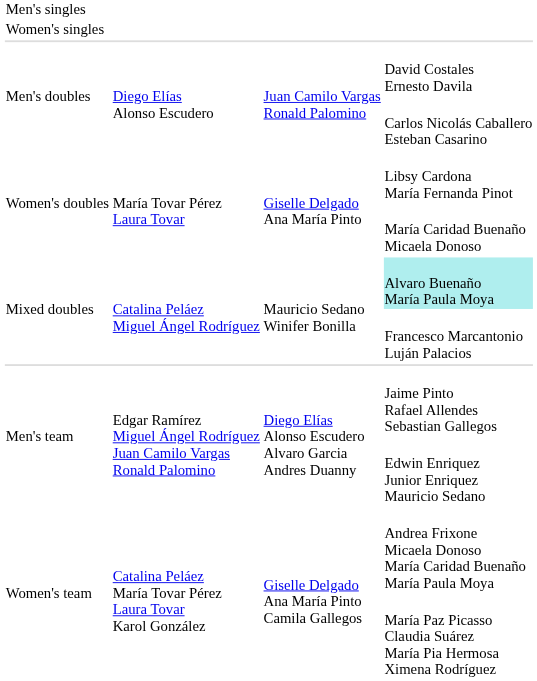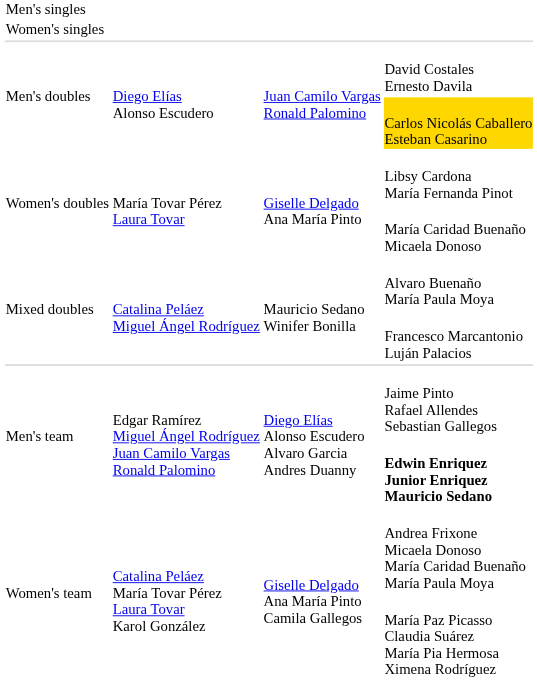 <table>
 <tr>
 <td rowspan=2>Men's singles</td>
 <td rowspan=2 nowrap></td>
 <td rowspan=2></td>
 <td></td>
 </tr>
 <tr>
 <td></td>
 </tr>
 <tr>
 <td rowspan=2>Women's singles</td>
 <td rowspan=2></td>
 <td rowspan=2></td>
 <td></td>
 </tr>
 <tr>
 <td></td>
 </tr>
 <tr bgcolor="#dddddd">
 <td colspan=4></td>
 </tr>
 <tr>
 <td rowspan=2>Men's doubles</td>
 <td rowspan=2> <br><a href='#'>Diego Elías</a><br>Alonso Escudero</td>
 <td rowspan=2 nowrap> <br><a href='#'>Juan Camilo Vargas</a><br><a href='#'>Ronald Palomino</a></td>
 <td><br>David Costales<br>Ernesto Davila</td>
 </tr>
 <tr>
-<td nowrap> <br>Carlos Nicolás Caballero<br>Esteban Casarino</td>
+<td nowrap style="background: gold;"> <br>Carlos Nicolás Caballero<br>Esteban Casarino</td>
 </tr>
 <tr>
 <td rowspan=2>Women's doubles</td>
 <td rowspan=2> <br>María Tovar Pérez<br><a href='#'>Laura Tovar</a></td>
 <td rowspan=2><br><a href='#'>Giselle Delgado</a><br>Ana María Pinto</td>
 <td><br>Libsy Cardona<br>María Fernanda Pinot</td>
 </tr>
 <tr>
 <td> <br>María Caridad Buenaño<br>Micaela Donoso</td>
 </tr>
 <tr>
 <td rowspan=2>Mixed doubles</td>
 <td rowspan=2><br><a href='#'>Catalina Peláez</a><br><a href='#'>Miguel Ángel Rodríguez</a></td>
 <td rowspan=2><br>Mauricio Sedano<br>Winifer Bonilla</td>
-<td style="background: paleturquoise;"><br>Alvaro Buenaño<br>María Paula Moya</td>
+<td><br>Alvaro Buenaño<br>María Paula Moya</td>
 </tr>
 <tr>
 <td><br>Francesco Marcantonio<br>Luján Palacios</td>
 </tr>
 <tr bgcolor="#dddddd">
 <td colspan=4></td>
 </tr>
 <tr>
 <td rowspan=2>Men's team</td>
 <td rowspan=2><br>Edgar Ramírez<br><a href='#'>Miguel Ángel Rodríguez</a><br><a href='#'>Juan Camilo Vargas</a><br><a href='#'>Ronald Palomino</a></td>
 <td rowspan=2><br><a href='#'>Diego Elías</a><br>Alonso Escudero<br>Alvaro Garcia<br>Andres Duanny</td>
 <td><br>Jaime Pinto<br>Rafael Allendes<br>Sebastian Gallegos</td>
 </tr>
 <tr>
-<td><br>Edwin Enriquez<br>Junior Enriquez<br>Mauricio Sedano</td>
+<td><strong><br>Edwin Enriquez<br>Junior Enriquez<br>Mauricio Sedano</strong></td>
 </tr>
 <tr>
 <td rowspan=2>Women's team</td>
 <td rowspan=2><br><a href='#'>Catalina Peláez</a><br>María Tovar Pérez<br><a href='#'>Laura Tovar</a><br>Karol González</td>
 <td rowspan=2><br><a href='#'>Giselle Delgado</a><br>Ana María Pinto<br>Camila Gallegos</td>
 <td><br>Andrea Frixone<br>Micaela Donoso<br>María Caridad Buenaño<br>María Paula Moya</td>
 </tr>
 <tr>
 <td><br>María Paz Picasso<br>Claudia Suárez<br>María Pia Hermosa<br>Ximena Rodríguez</td>
 </tr>
 </table>
